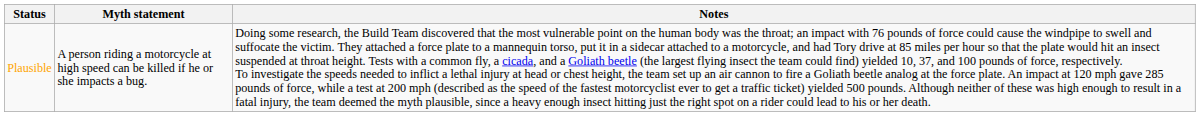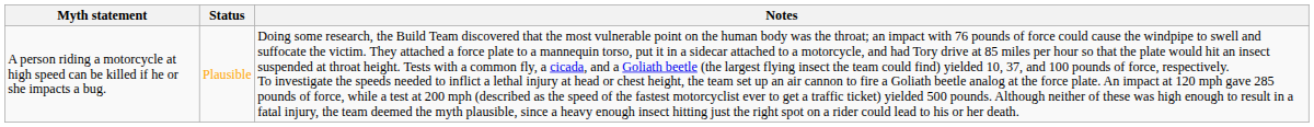 <table class="wikitable plainrowheaders">
 <tr>
+<th>Myth statement</th>
 <th>Status</th>
-<th>Myth statement</th>
 <th>Notes</th>
 </tr>
 <tr>
+<td>A person riding a motorcycle at high speed can be killed if he or she impacts a bug.</td>
 <td style="color:orange">Plausible</td>
-<td>A person riding a motorcycle at high speed can be killed if he or she impacts a bug.</td>
 <td>Doing some research, the Build Team discovered that the most vulnerable point on the human body was the throat; an impact with 76 pounds of force could cause the windpipe to swell and suffocate the victim. They attached a force plate to a mannequin torso, put it in a sidecar attached to a motorcycle, and had Tory drive at 85 miles per hour so that the plate would hit an insect suspended at throat height. Tests with a common fly, a <a href='#'>cicada</a>, and a <a href='#'>Goliath beetle</a> (the largest flying insect the team could find) yielded 10, 37, and 100 pounds of force, respectively.<br>To investigate the speeds needed to inflict a lethal injury at head or chest height, the team set up an air cannon to fire a Goliath beetle analog at the force plate. An impact at 120 mph gave 285 pounds of force, while a test at 200 mph (described as the speed of the fastest motorcyclist ever to get a traffic ticket) yielded 500 pounds. Although neither of these was high enough to result in a fatal injury, the team deemed the myth plausible, since a heavy enough insect hitting just the right spot on a rider could lead to his or her death.</td>
 </tr>
 </table>
